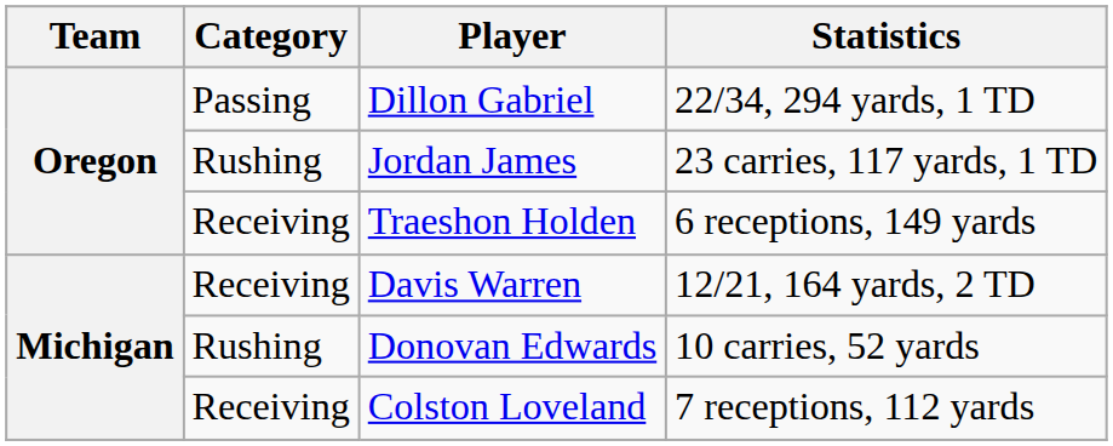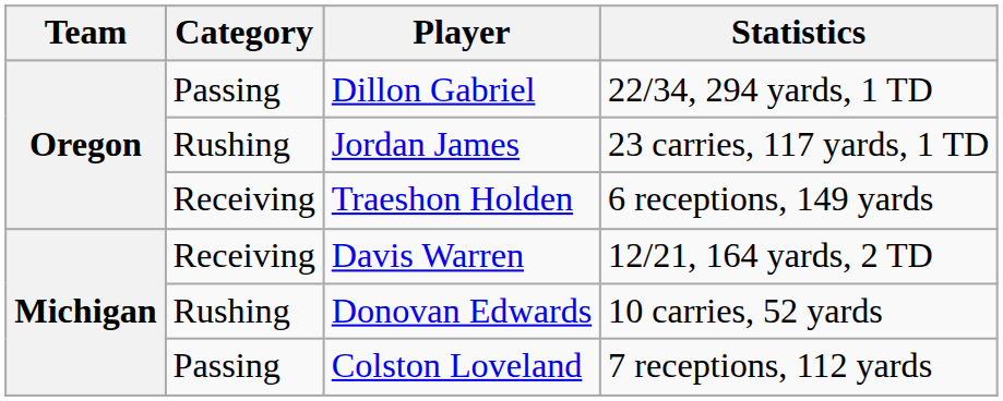 <table class="wikitable" style="float:right">
 <tr>
 <th>Team</th>
 <th>Category</th>
 <th>Player</th>
 <th>Statistics</th>
 </tr>
 <tr>
 <th rowspan=3>Oregon</th>
 <td>Passing</td>
 <td><a href='#'>Dillon Gabriel</a></td>
 <td>22/34, 294 yards, 1 TD</td>
 </tr>
 <tr>
 <td>Rushing</td>
 <td><a href='#'>Jordan James</a></td>
 <td>23 carries, 117 yards, 1 TD</td>
 </tr>
 <tr>
 <td>Receiving</td>
 <td><a href='#'>Traeshon Holden</a></td>
 <td>6 receptions, 149 yards</td>
 </tr>
 <tr>
 <th rowspan=3>Michigan</th>
 <td>Receiving</td>
 <td><a href='#'>Davis Warren</a></td>
 <td>12/21, 164 yards, 2 TD</td>
 </tr>
 <tr>
 <td>Rushing</td>
 <td><a href='#'>Donovan Edwards</a></td>
 <td>10 carries, 52 yards</td>
 </tr>
 <tr>
-<td>Receiving</td>
+<td>Passing</td>
 <td><a href='#'>Colston Loveland</a></td>
 <td>7 receptions, 112 yards</td>
 </tr>
 </table>
